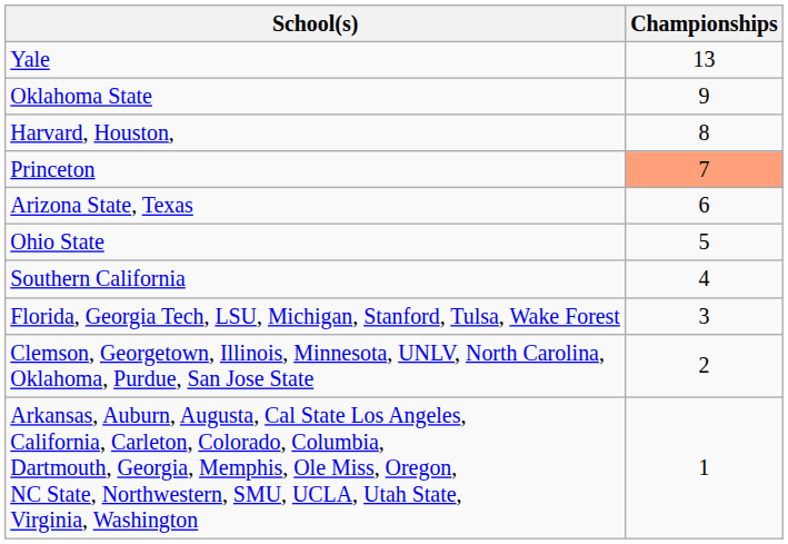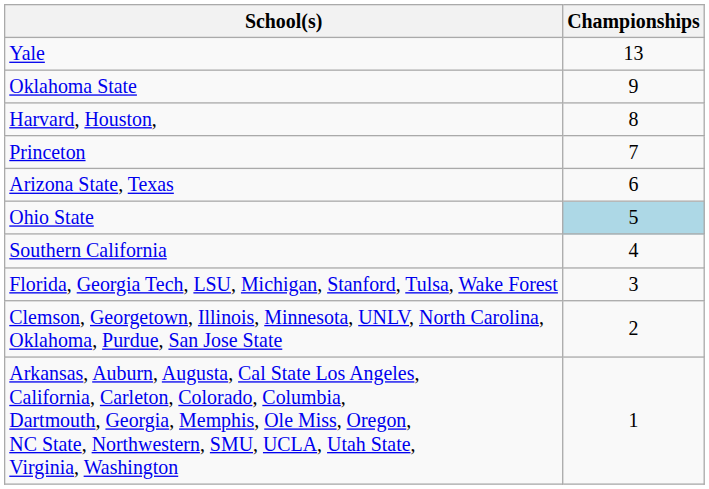 <table class="wikitable" style="font-size:95%">
 <tr>
 <th>School(s)</th>
 <th>Championships</th>
 </tr>
 <tr>
 <td><a href='#'>Yale</a></td>
 <td align=center>13</td>
 </tr>
 <tr>
 <td><a href='#'>Oklahoma State</a></td>
 <td align=center>9</td>
 </tr>
 <tr>
 <td><a href='#'>Harvard</a>, <a href='#'>Houston</a>,</td>
 <td align=center>8</td>
 </tr>
 <tr>
 <td><a href='#'>Princeton</a></td>
-<td align=center style="background: lightsalmon;">7</td>
+<td align=center>7</td>
 </tr>
 <tr>
 <td><a href='#'>Arizona State</a>, <a href='#'>Texas</a></td>
 <td align=center>6</td>
 </tr>
 <tr>
 <td><a href='#'>Ohio State</a></td>
-<td align=center>5</td>
+<td align=center style="background: lightblue;">5</td>
 </tr>
 <tr>
 <td><a href='#'>Southern California</a></td>
 <td align=center>4</td>
 </tr>
 <tr>
 <td><a href='#'>Florida</a>, <a href='#'>Georgia Tech</a>, <a href='#'>LSU</a>, <a href='#'>Michigan</a>, <a href='#'>Stanford</a>, <a href='#'>Tulsa</a>, <a href='#'>Wake Forest</a></td>
 <td align=center>3</td>
 </tr>
 <tr>
 <td><a href='#'>Clemson</a>, <a href='#'>Georgetown</a>, <a href='#'>Illinois</a>, <a href='#'>Minnesota</a>, <a href='#'>UNLV</a>, <a href='#'>North Carolina</a>,<br><a href='#'>Oklahoma</a>, <a href='#'>Purdue</a>, <a href='#'>San Jose State</a></td>
 <td align=center>2</td>
 </tr>
 <tr>
 <td><a href='#'>Arkansas</a>, <a href='#'>Auburn</a>, <a href='#'>Augusta</a>, <a href='#'>Cal State Los Angeles</a>,<br><a href='#'>California</a>, <a href='#'>Carleton</a>, <a href='#'>Colorado</a>, <a href='#'>Columbia</a>,<br><a href='#'>Dartmouth</a>, <a href='#'>Georgia</a>, <a href='#'>Memphis</a>, <a href='#'>Ole Miss</a>, <a href='#'>Oregon</a>,<br><a href='#'>NC State</a>, <a href='#'>Northwestern</a>, <a href='#'>SMU</a>, <a href='#'>UCLA</a>, <a href='#'>Utah State</a>,<br><a href='#'>Virginia</a>, <a href='#'>Washington</a></td>
 <td align=center>1</td>
 </tr>
 </table>
